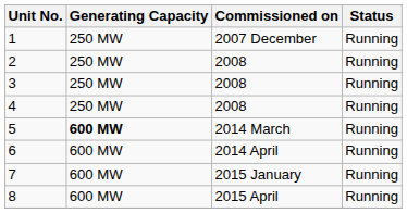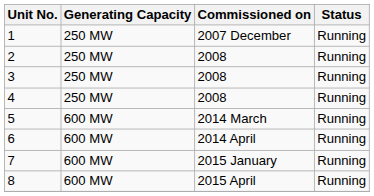 <table class="sortable wikitable">
 <tr>
 <th>Unit No.</th>
 <th>Generating Capacity</th>
 <th>Commissioned on</th>
 <th>Status</th>
 </tr>
 <tr>
 <td>1</td>
 <td>250 MW</td>
 <td>2007 December</td>
 <td>Running </td>
 </tr>
 <tr>
 <td>2</td>
 <td>250 MW</td>
 <td>2008</td>
 <td>Running </td>
 </tr>
 <tr>
 <td>3</td>
 <td>250 MW</td>
 <td>2008</td>
 <td>Running</td>
 </tr>
 <tr>
 <td>4</td>
 <td>250 MW</td>
 <td>2008</td>
 <td>Running</td>
 </tr>
 <tr>
 <td>5</td>
-<td><strong>600 MW</strong></td>
+<td>600 MW</td>
 <td>2014 March</td>
 <td>Running </td>
 </tr>
 <tr>
 <td>6</td>
 <td>600 MW</td>
 <td>2014 April</td>
 <td>Running </td>
 </tr>
 <tr>
 <td>7</td>
 <td>600 MW</td>
 <td>2015 January</td>
 <td>Running </td>
 </tr>
 <tr>
 <td>8</td>
 <td>600 MW</td>
 <td>2015 April</td>
 <td>Running </td>
 </tr>
 <tr>
 </tr>
 </table>
